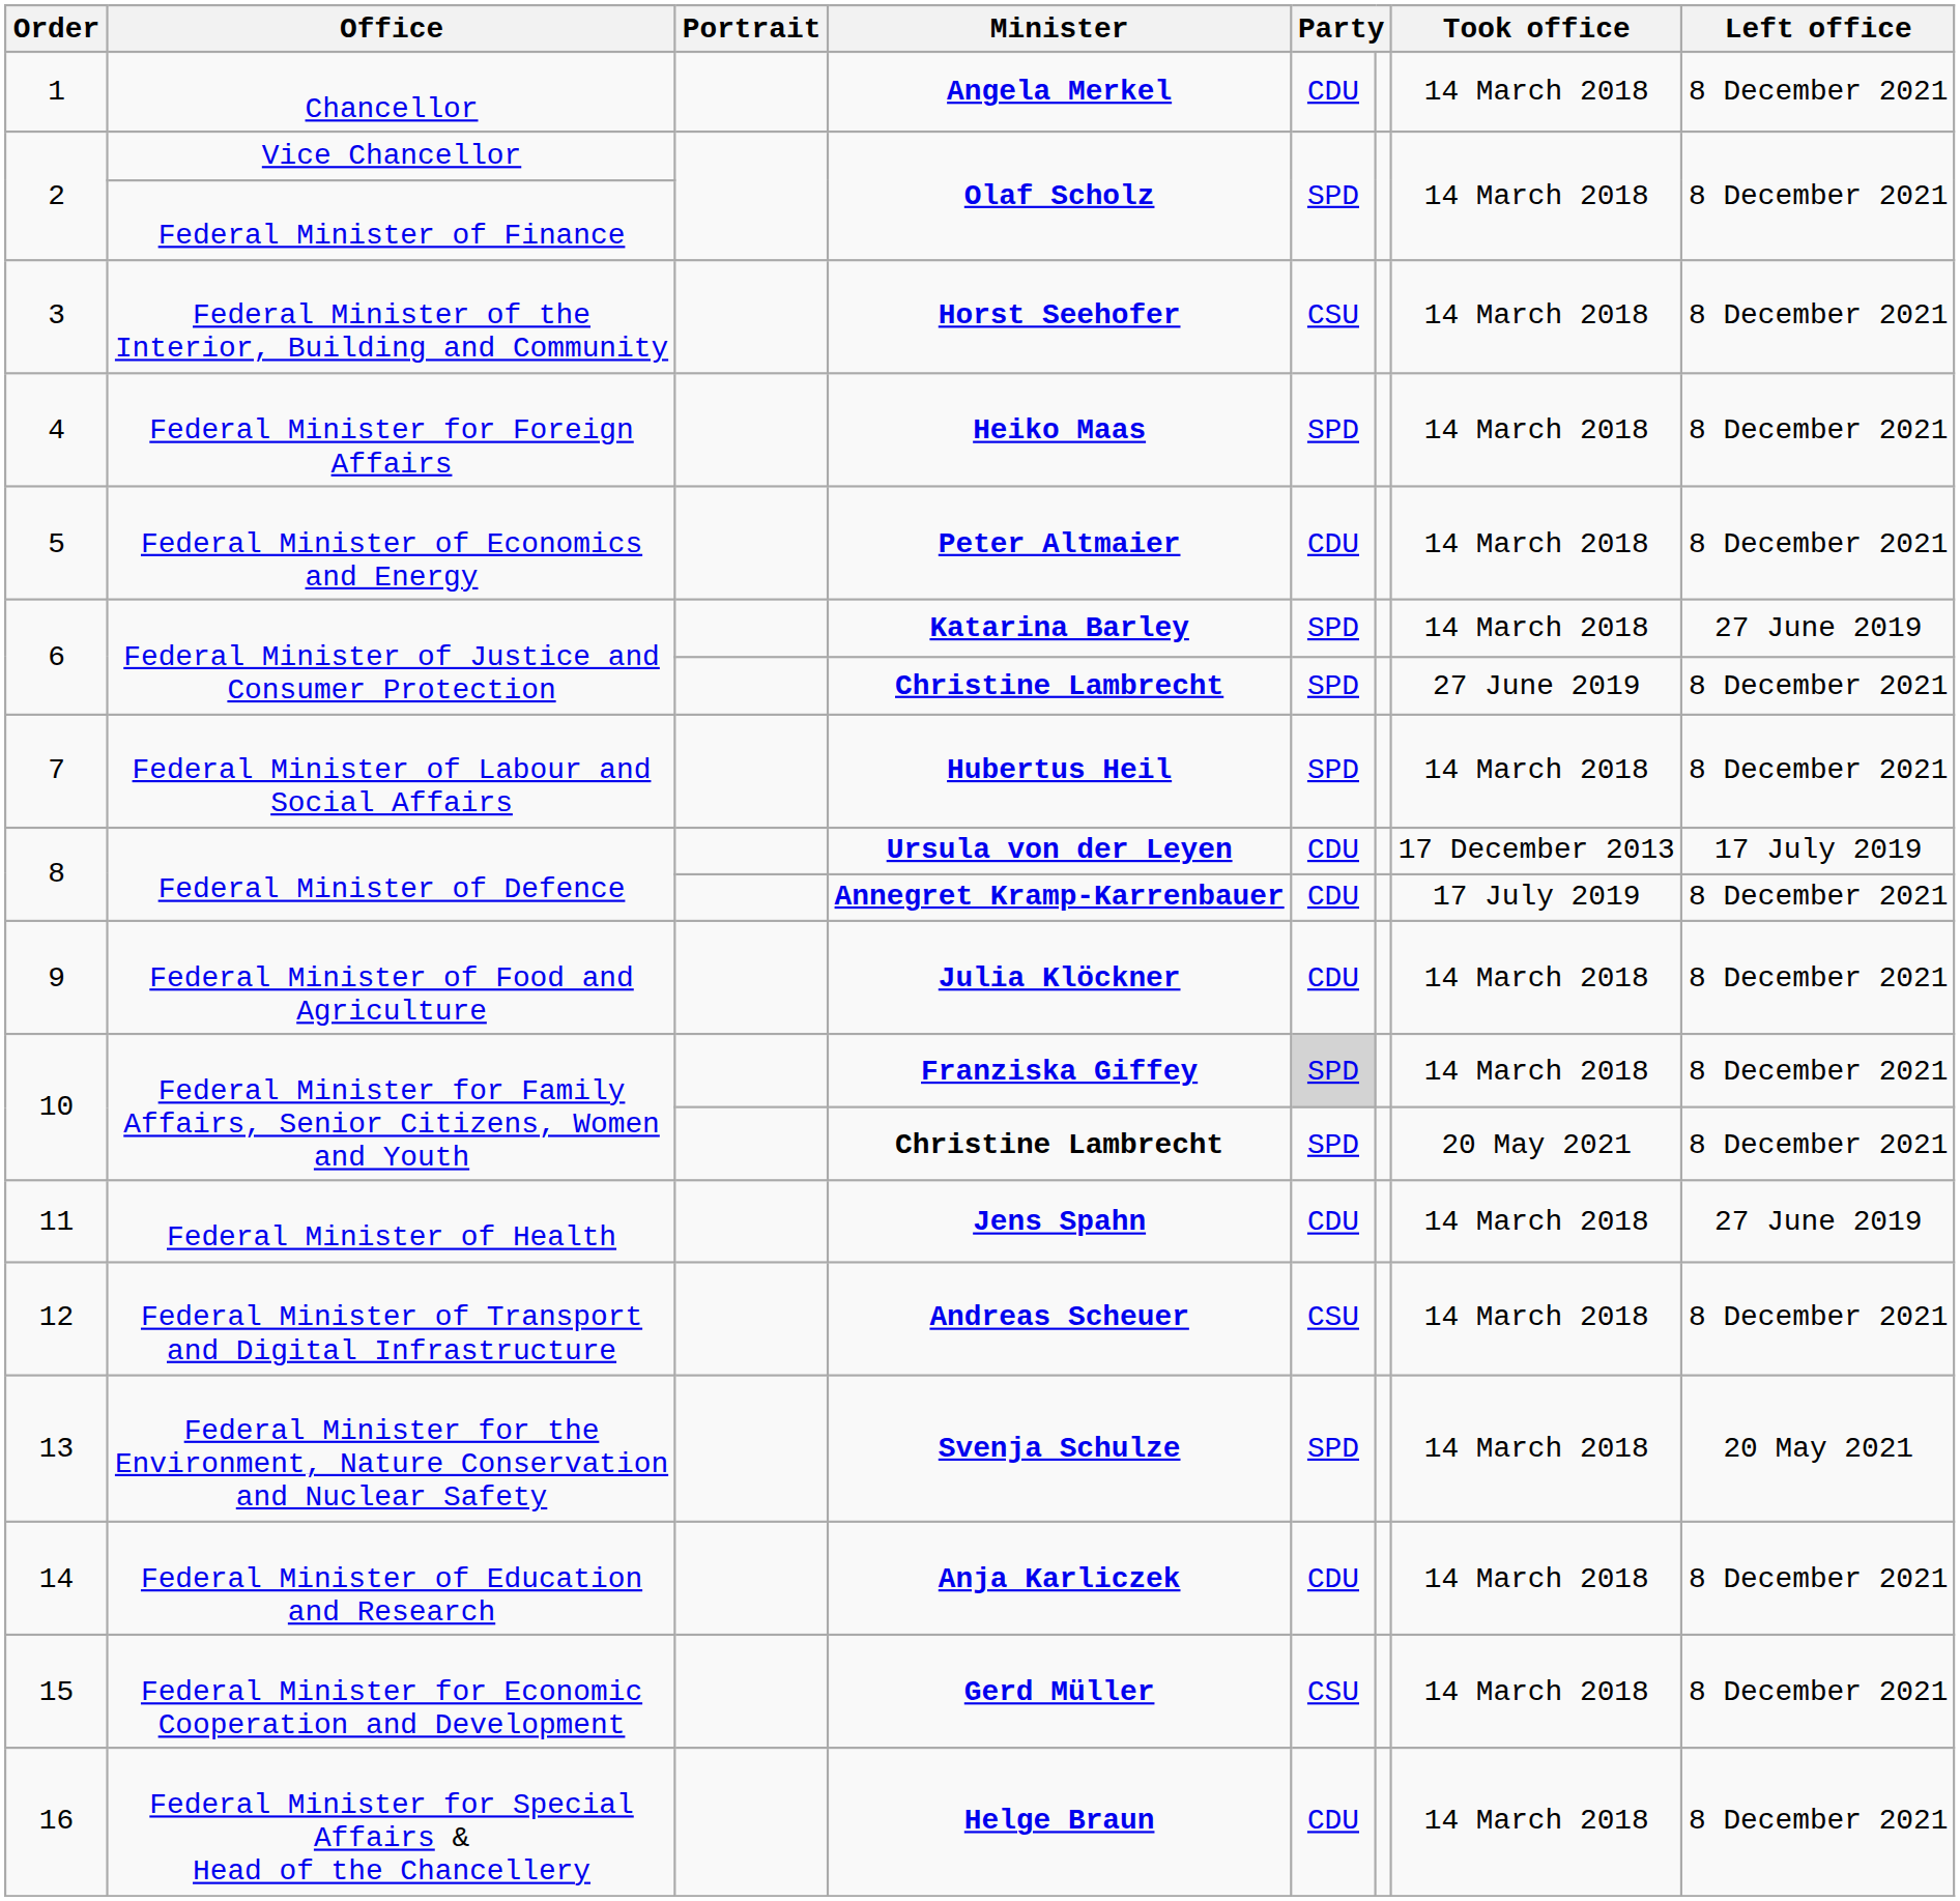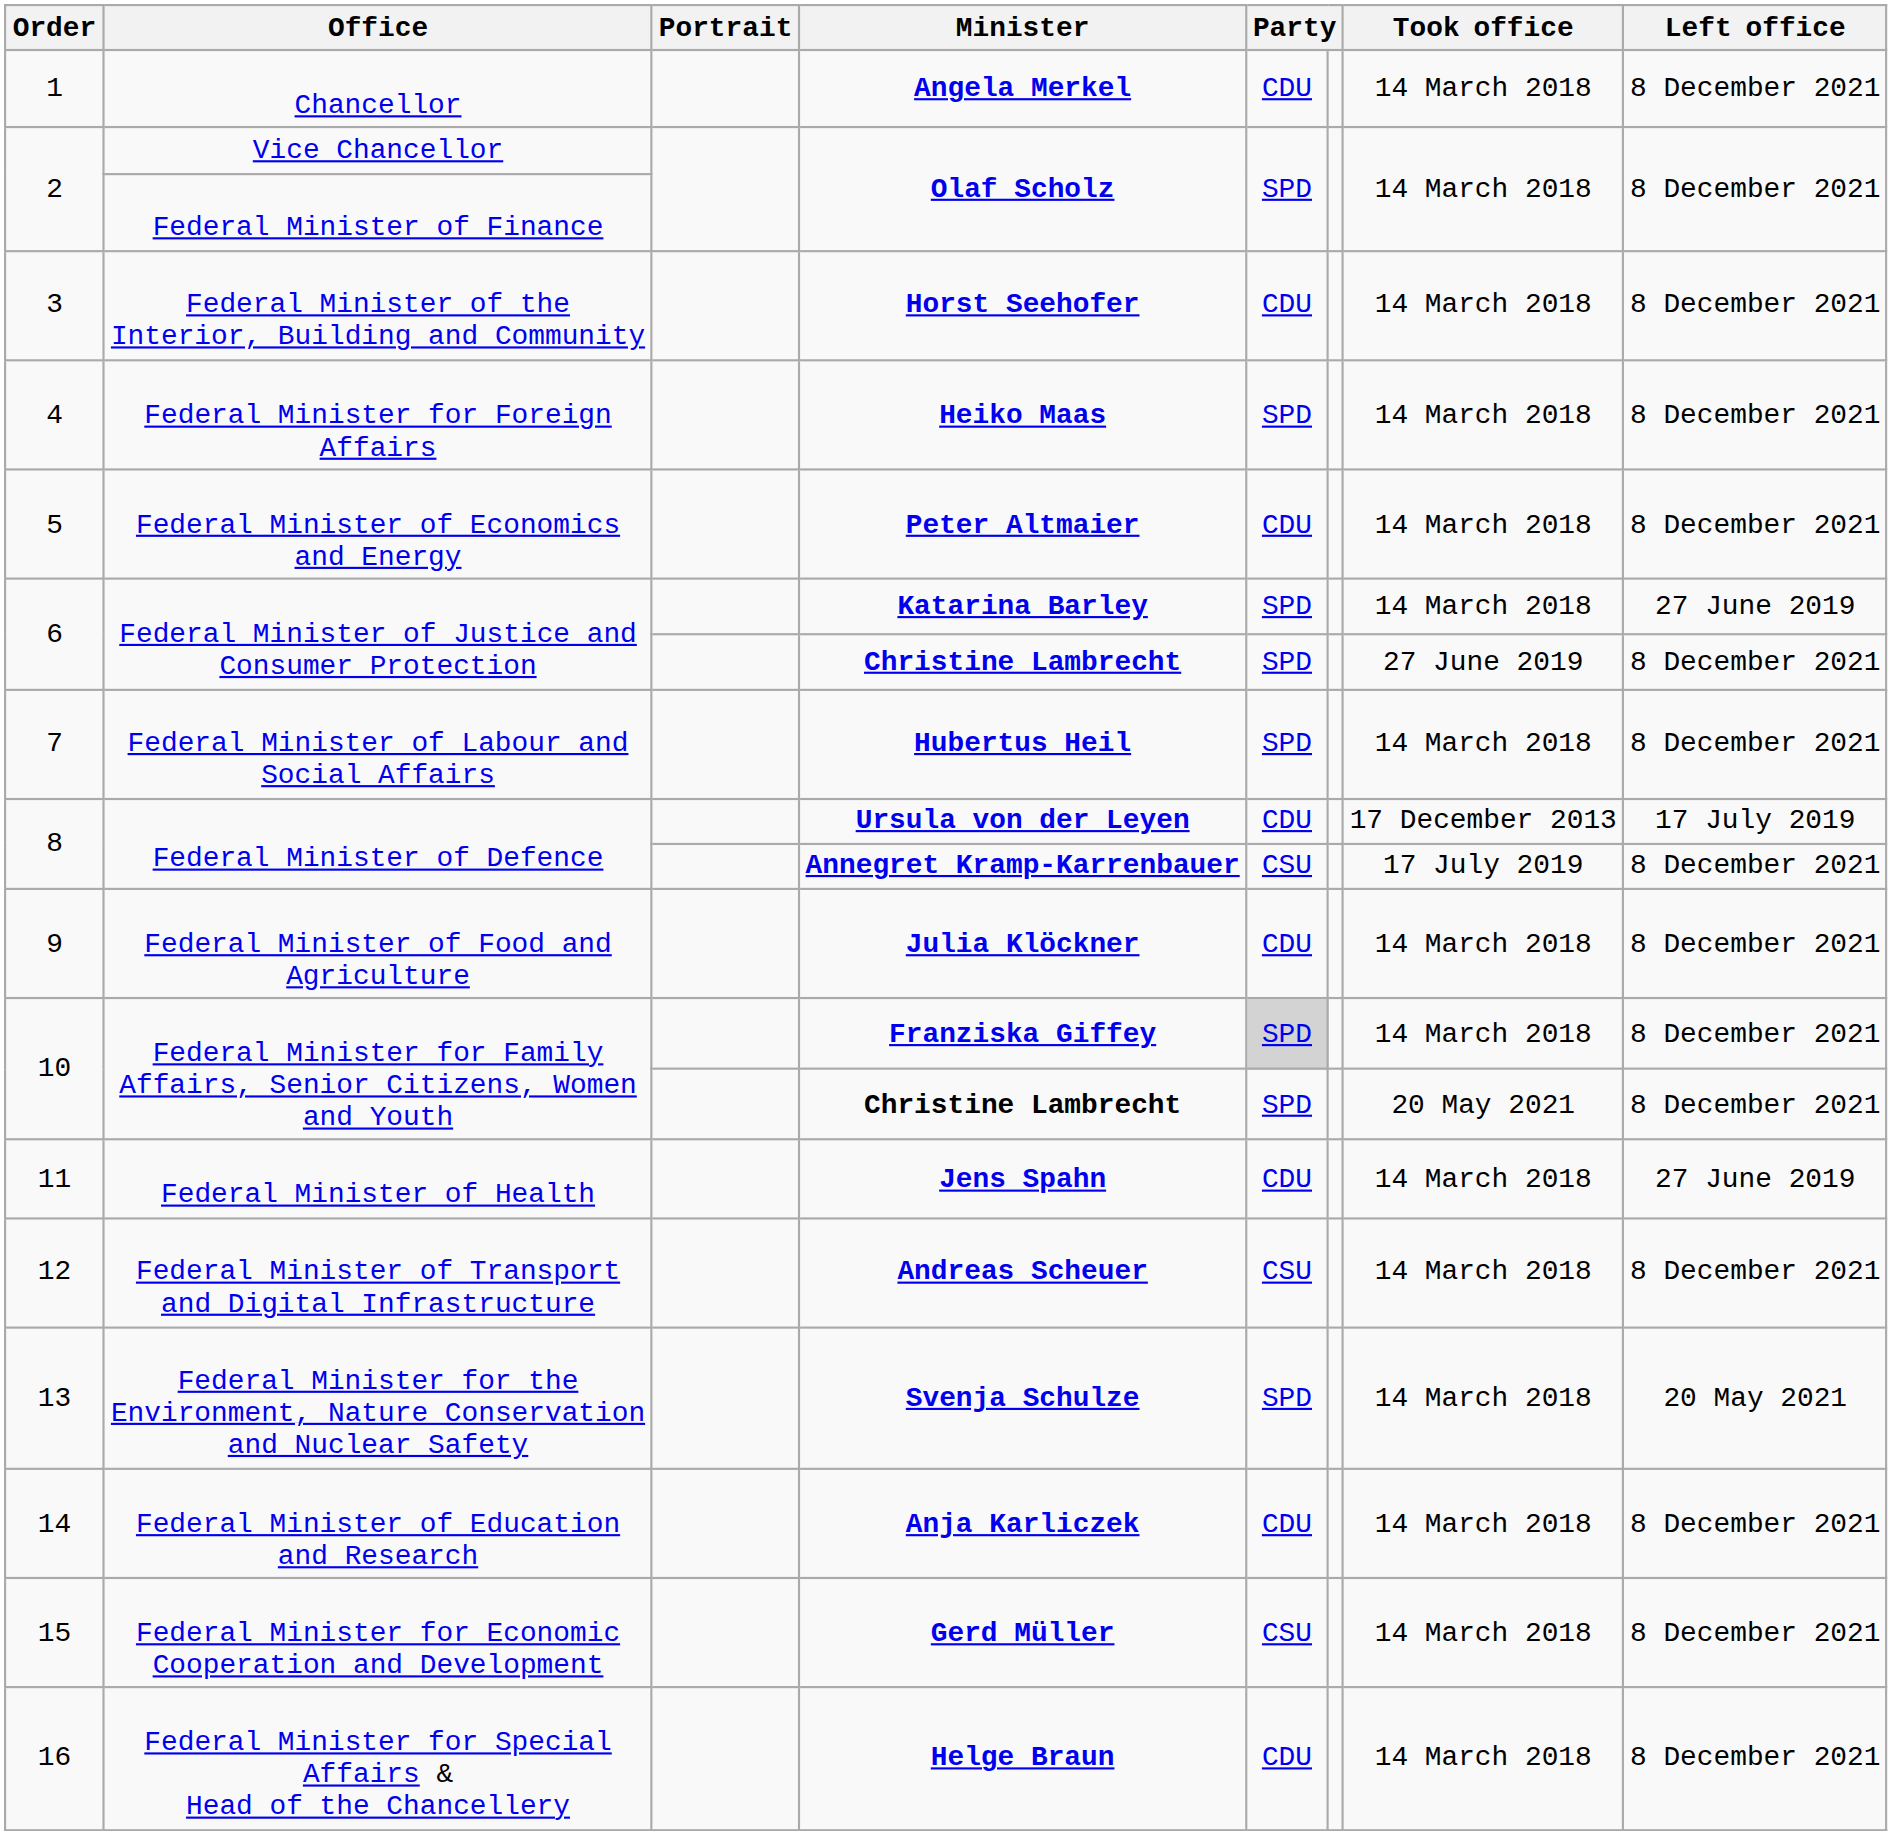 <table class="sortable wikitable" style="text-align:center">
 <tr align=center>
 <th scope=col width=40 data-sort-type="numeric">Order</th>
 <th scope=col width=250>Office</th>
 <th scope=col class="unsortable">Portrait</th>
 <th scope=col>Minister</th>
 <th colspan="2" scope="col">Party</th>
 <th scope=col class="unsortable">Took office</th>
 <th scope=col class="unsortable">Left office</th>
 </tr>
 <tr>
 <td>1</td>
 <td><br><a href='#'>Chancellor</a></td>
 <td></td>
 <td data-sort-value="Merkel"><strong><a href='#'>Angela Merkel</a></strong></td>
 <td><a href='#'>CDU</a></td>
 <td style="width:1px; background-color: "></td>
 <td>14 March 2018</td>
 <td>8 December 2021</td>
 </tr>
 <tr>
 <td rowspan=2>2</td>
 <td><a href='#'>Vice Chancellor</a></td>
 <td rowspan=2></td>
 <td rowspan=2 data-sort-value="Scholz"><strong><a href='#'>Olaf Scholz</a></strong></td>
 <td rowspan=2><a href='#'>SPD</a></td>
 <td rowspan=2 style="width:1px; background-color: "></td>
 <td rowspan=2>14 March 2018</td>
 <td rowspan=2>8 December 2021</td>
 </tr>
 <tr>
 <td><br><a href='#'>Federal Minister of Finance</a></td>
 </tr>
 <tr>
 <td>3</td>
 <td><br><a href='#'>Federal Minister of the Interior, Building and Community</a></td>
 <td></td>
 <td data-sort-value="Seehofer"><strong><a href='#'>Horst Seehofer</a></strong></td>
-<td><a href='#'>CSU</a></td>
+<td><a href='#'>CDU</a></td>
 <td style="width:1px; background-color: "></td>
 <td>14 March 2018</td>
 <td>8 December 2021</td>
 </tr>
 <tr>
 <td>4</td>
 <td><br><a href='#'>Federal Minister for Foreign Affairs</a></td>
 <td></td>
 <td data-sort-value="Maas"><strong><a href='#'>Heiko Maas</a></strong></td>
 <td><a href='#'>SPD</a></td>
 <td style="width:1px; background-color: "></td>
 <td>14 March 2018</td>
 <td>8 December 2021</td>
 </tr>
 <tr>
 <td>5</td>
 <td><br><a href='#'>Federal Minister of Economics and Energy</a></td>
 <td></td>
 <td data-sort-value="Altmaier"><strong><a href='#'>Peter Altmaier</a></strong></td>
 <td><a href='#'>CDU</a></td>
 <td style="width:1px; background-color: "></td>
 <td>14 March 2018</td>
 <td>8 December 2021</td>
 </tr>
 <tr>
 <td rowspan=2>6</td>
 <td rowspan=2><br><a href='#'>Federal Minister of Justice and Consumer Protection</a></td>
 <td></td>
 <td nowrap data-sort-value="Barley"><strong><a href='#'>Katarina Barley</a></strong></td>
 <td><a href='#'>SPD</a></td>
 <td style="width:1px; background-color: "></td>
 <td>14 March 2018</td>
 <td>27 June 2019</td>
 </tr>
 <tr>
 <td></td>
 <td><strong><a href='#'>Christine Lambrecht</a></strong></td>
 <td><a href='#'>SPD</a></td>
 <td style="width:1px; background-color: "></td>
 <td>27 June 2019</td>
 <td>8 December 2021</td>
 </tr>
 <tr>
 <td>7</td>
 <td><br><a href='#'>Federal Minister of Labour and Social Affairs</a></td>
 <td></td>
 <td data-sort-value="Heil"><strong><a href='#'>Hubertus Heil</a></strong></td>
 <td><a href='#'>SPD</a></td>
 <td style="width:1px; background-color: "></td>
 <td>14 March 2018</td>
 <td>8 December 2021</td>
 </tr>
 <tr>
 <td rowspan=2>8</td>
 <td rowspan=2><br><a href='#'>Federal Minister of Defence</a></td>
 <td></td>
 <td data-sort-value="Leyen"><strong><a href='#'>Ursula von der Leyen</a></strong></td>
 <td><a href='#'>CDU</a></td>
 <td style="width:1px; background-color: "></td>
 <td>17 December 2013</td>
 <td>17 July 2019</td>
 </tr>
 <tr>
 <td></td>
 <td nowrap data-sort-value="Kramp"><strong><a href='#'>Annegret Kramp-Karrenbauer</a></strong></td>
-<td><a href='#'>CDU</a></td>
+<td><a href='#'>CSU</a></td>
 <td style="width:1px; background-color: "></td>
 <td>17 July 2019</td>
 <td>8 December 2021</td>
 </tr>
 <tr>
 <td>9</td>
 <td><br><a href='#'>Federal Minister of Food and Agriculture</a></td>
 <td></td>
 <td data-sort-value="Klöckner"><strong><a href='#'>Julia Klöckner</a></strong></td>
 <td><a href='#'>CDU</a></td>
 <td style="width:1px; background-color: "></td>
 <td>14 March 2018</td>
 <td>8 December 2021</td>
 </tr>
 <tr>
 <td rowspan=2>10</td>
 <td rowspan=2><br><a href='#'>Federal Minister for Family Affairs, Senior Citizens, Women and Youth</a></td>
 <td></td>
 <td data-sort-value="Giffey"><strong><a href='#'>Franziska Giffey</a></strong></td>
 <td style="background: lightgrey;"><a href='#'>SPD</a></td>
 <td style="width:1px; background-color: "></td>
 <td>14 March 2018</td>
 <td>8 December 2021</td>
 </tr>
 <tr>
 <td></td>
 <td><strong>Christine Lambrecht</strong></td>
 <td><a href='#'>SPD</a></td>
 <td style="width:1px; background-color: "></td>
 <td>20 May 2021</td>
 <td>8 December 2021</td>
 </tr>
 <tr>
 <td>11</td>
 <td><br><a href='#'>Federal Minister of Health</a></td>
 <td></td>
 <td data-sort-value="Spahn"><strong><a href='#'>Jens Spahn</a></strong></td>
 <td><a href='#'>CDU</a></td>
 <td style="width:1px; background-color: "></td>
 <td>14 March 2018</td>
 <td>27 June 2019</td>
 </tr>
 <tr>
 <td>12</td>
 <td><br><a href='#'>Federal Minister of Transport and Digital Infrastructure</a></td>
 <td></td>
 <td data-sort-value="Scheuer"><strong><a href='#'>Andreas Scheuer</a></strong></td>
 <td><a href='#'>CSU</a></td>
 <td style="width:1px; background-color: "></td>
 <td>14 March 2018</td>
 <td>8 December 2021</td>
 </tr>
 <tr>
 <td>13</td>
 <td><br><a href='#'>Federal Minister for the Environment, Nature Conservation and Nuclear Safety</a></td>
 <td></td>
 <td data-sort-value="Schulze"><strong><a href='#'>Svenja Schulze</a></strong></td>
 <td><a href='#'>SPD</a></td>
 <td style="width:1px; background-color: "></td>
 <td>14 March 2018</td>
 <td>20 May 2021</td>
 </tr>
 <tr>
 <td>14</td>
 <td><br><a href='#'>Federal Minister of Education and Research</a></td>
 <td></td>
 <td data-sort-value="Karliczek"><strong><a href='#'>Anja Karliczek</a></strong></td>
 <td><a href='#'>CDU</a></td>
 <td style="width:1px; background-color: "></td>
 <td>14 March 2018</td>
 <td>8 December 2021</td>
 </tr>
 <tr>
 <td>15</td>
 <td><br><a href='#'>Federal Minister for Economic Cooperation and Development</a></td>
 <td></td>
 <td data-sort-value="Muller"><strong><a href='#'>Gerd Müller</a></strong></td>
 <td><a href='#'>CSU</a></td>
 <td style="width:1px; background-color: "></td>
 <td>14 March 2018</td>
 <td>8 December 2021</td>
 </tr>
 <tr>
 <td>16</td>
 <td><br><a href='#'>Federal Minister for Special Affairs</a> &<br><a href='#'>Head of the Chancellery</a></td>
 <td></td>
 <td data-sort-value="Braun"><strong><a href='#'>Helge Braun</a></strong></td>
 <td><a href='#'>CDU</a></td>
 <td style="width:1px; background-color: "></td>
 <td>14 March 2018</td>
 <td>8 December 2021</td>
 </tr>
 <tr>
 </tr>
 </table>
